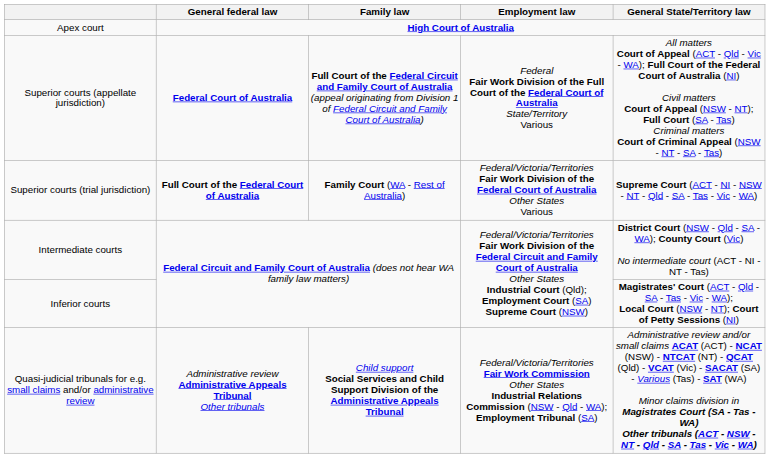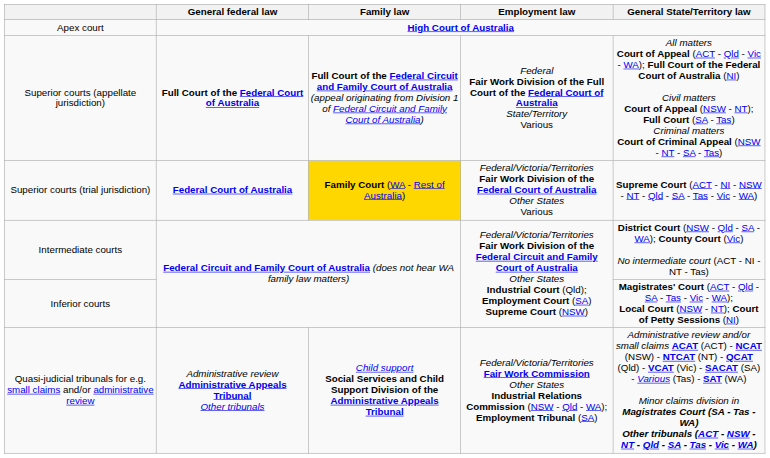 <table class="wikitable" style="text-align:center;">
 <tr>
 <th style="width:20%;"></th>
 <th style="width:20%;">General federal law</th>
 <th style="width:20%;">Family law</th>
 <th style="width:20%;">Employment law</th>
 <th style="width:20%;">General State/Territory law</th>
 </tr>
 <tr>
 <td>Apex court</td>
 <td colspan="4"><strong><a href='#'>High Court of Australia</a></strong></td>
 </tr>
 <tr>
 <td>Superior courts (appellate jurisdiction)</td>
-<td><strong><a href='#'>Federal Court of Australia</a></strong></td>
+<td><strong>Full Court of the <a href='#'>Federal Court of Australia</a></strong></td>
 <td><strong>Full Court of the <a href='#'>Federal Circuit and Family Court of Australia</a></strong> <em>(appeal originating from Division 1 of <a href='#'>Federal Circuit and Family Court of Australia</a>)</em></td>
 <td><em>Federal</em><br><strong>Fair Work Division of the Full Court of the <a href='#'>Federal Court of Australia</a></strong><br><em>State/Territory</em><br>Various</td>
 <td><em>All matters</em> <br><strong>Court of Appeal</strong> (<a href='#'>ACT</a> - <a href='#'>Qld</a> - <a href='#'>Vic</a> - <a href='#'>WA</a>); <strong>Full Court of the Federal Court of Australia</strong> (<a href='#'>NI</a>)<br><br><em>Civil matters</em> <br><strong>Court of Appeal</strong> (<a href='#'>NSW</a> - <a href='#'>NT</a>); <strong>Full Court</strong> (<a href='#'>SA</a> - <a href='#'>Tas</a>)<br> <em>Criminal matters</em> <br><strong>Court of Criminal Appeal</strong> (<a href='#'>NSW</a> - <a href='#'>NT</a> - <a href='#'>SA</a> - <a href='#'>Tas</a>)</td>
 </tr>
 <tr>
 <td>Superior courts (trial jurisdiction)</td>
-<td><strong>Full Court of the <a href='#'>Federal Court of Australia</a></strong></td>
-<td><strong>Family Court</strong> (<a href='#'>WA</a> - <a href='#'>Rest of Australia</a>)</td>
+<td><strong><a href='#'>Federal Court of Australia</a></strong></td>
+<td style="background: gold;"><strong>Family Court</strong> (<a href='#'>WA</a> - <a href='#'>Rest of Australia</a>)</td>
 <td><em>Federal/Victoria/Territories</em><br><strong>Fair Work Division of the <a href='#'>Federal Court of Australia</a></strong><br><em>Other States</em><br>Various</td>
 <td><strong>Supreme Court</strong> (<a href='#'>ACT</a> - <a href='#'>NI</a> - <a href='#'>NSW</a> - <a href='#'>NT</a> - <a href='#'>Qld</a> - <a href='#'>SA</a> - <a href='#'>Tas</a> - <a href='#'>Vic</a> - <a href='#'>WA</a>)</td>
 </tr>
 <tr>
 <td>Intermediate courts</td>
 <td colspan="2" rowspan="2"><strong><a href='#'>Federal Circuit and Family Court of Australia</a></strong> <em>(does not hear WA family law matters)</em></td>
 <td rowspan="2"><em>Federal/Victoria/Territories</em><br><strong>Fair Work Division of the <a href='#'>Federal Circuit and Family Court of Australia</a></strong><br><em>Other States</em><br><strong>Industrial Court</strong> (Qld); <strong>Employment Court</strong> (<a href='#'>SA</a>) <strong>Supreme Court</strong> (<a href='#'>NSW</a>)</td>
 <td><strong>District Court</strong> (<a href='#'>NSW</a> - <a href='#'>Qld</a> - <a href='#'>SA</a> - <a href='#'>WA</a>); <strong>County Court</strong> (<a href='#'>Vic</a>)<br><br><em>No intermediate court</em> (ACT - NI - NT - Tas)</td>
 </tr>
 <tr>
 <td>Inferior courts</td>
 <td><strong>Magistrates' Court</strong> (<a href='#'>ACT</a> - <a href='#'>Qld</a> - <a href='#'>SA</a> - <a href='#'>Tas</a> - <a href='#'>Vic</a> - <a href='#'>WA</a>);<br><strong>Local Court</strong> (<a href='#'>NSW</a> - <a href='#'>NT</a>);  <strong>Court of Petty Sessions</strong> (<a href='#'>NI</a>)</td>
 </tr>
 <tr>
 <td>Quasi-judicial tribunals for e.g. <a href='#'>small claims</a> and/or <a href='#'>administrative review</a></td>
 <td><em>Administrative review</em> <strong><a href='#'>Administrative Appeals Tribunal</a></strong> <br><em><a href='#'>Other tribunals</a></em></td>
 <td><em><a href='#'>Child support</a></em> <br><strong>Social Services and Child Support Division of the <a href='#'>Administrative Appeals Tribunal</a></strong></td>
 <td><em>Federal/Victoria/Territories</em><br><strong><a href='#'>Fair Work Commission</a></strong><br><em>Other States</em><br><strong>Industrial Relations Commission</strong> (<a href='#'>NSW</a> - <a href='#'>Qld</a> - <a href='#'>WA</a>); <strong>Employment Tribunal</strong> (<a href='#'>SA</a>)</td>
 <td><em>Administrative review and/or small claims</em> <strong><a href='#'>ACAT</a></strong> (ACT) - <strong><a href='#'>NCAT</a></strong> (NSW) - <strong><a href='#'>NTCAT</a></strong> (NT) - <strong><a href='#'>QCAT</a></strong> (Qld) - <strong><a href='#'>VCAT</a></strong> (Vic) - <strong><a href='#'>SACAT</a></strong> (SA) - <em><a href='#'>Various</a></em> (Tas) - <strong><a href='#'>SAT</a></strong> (WA) <br><br><em>Minor claims division in <strong>Magistrates Court<strong><em> (SA - Tas - WA)<br> </em>Other tribunals<em> (<a href='#'>ACT</a> - <a href='#'>NSW</a> - <a href='#'>NT</a> - <a href='#'>Qld</a> - <a href='#'>SA</a> - <a href='#'>Tas</a> - <a href='#'>Vic</a> - <a href='#'>WA</a>)</td>
 </tr>
 </table>
